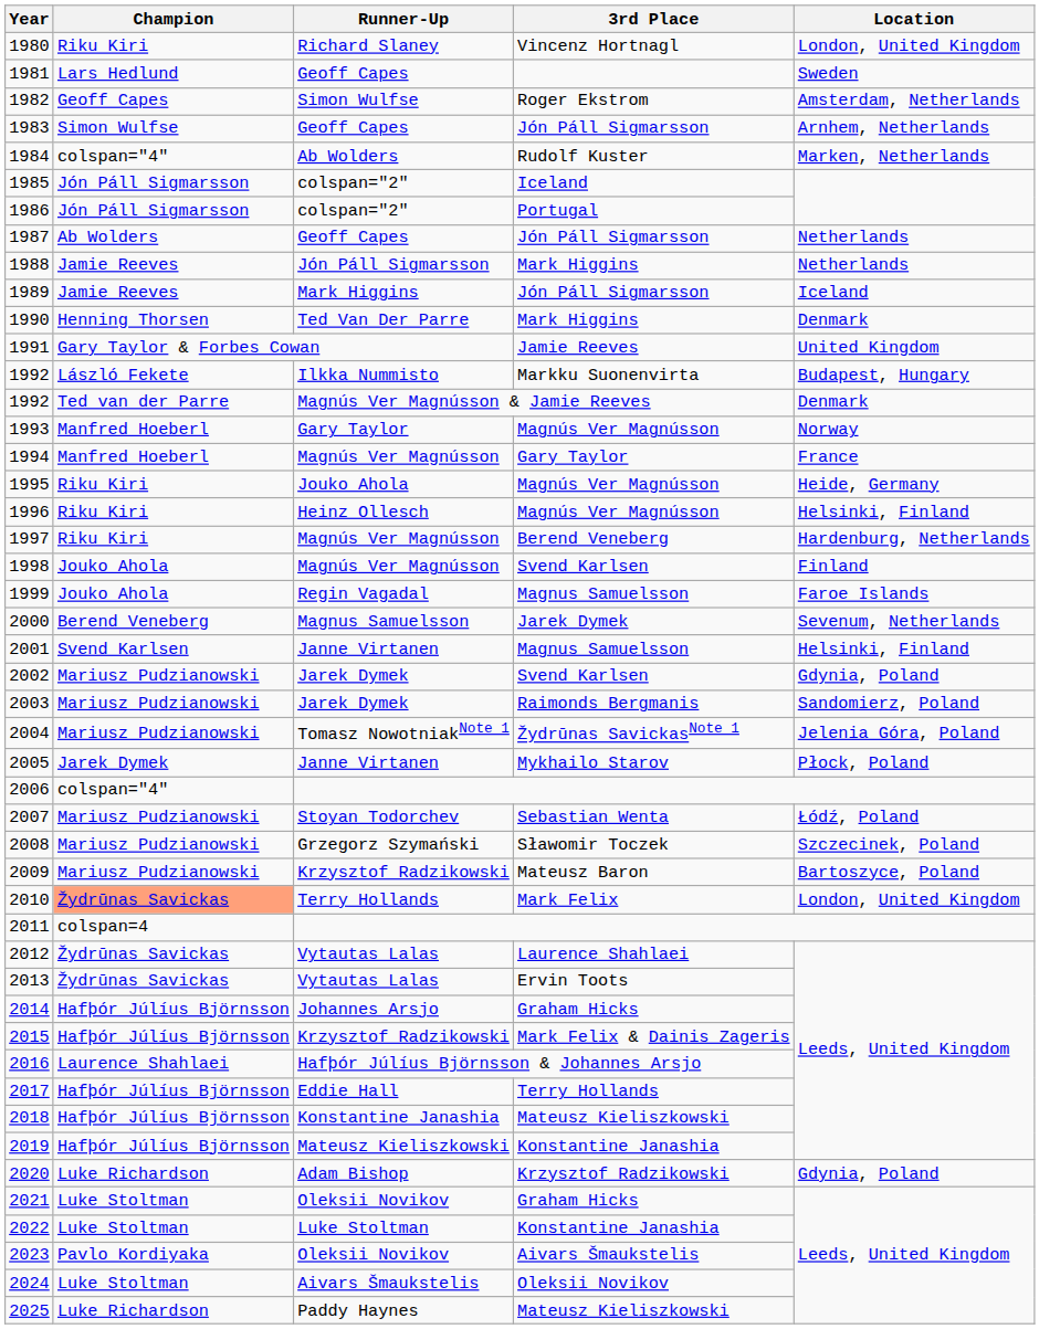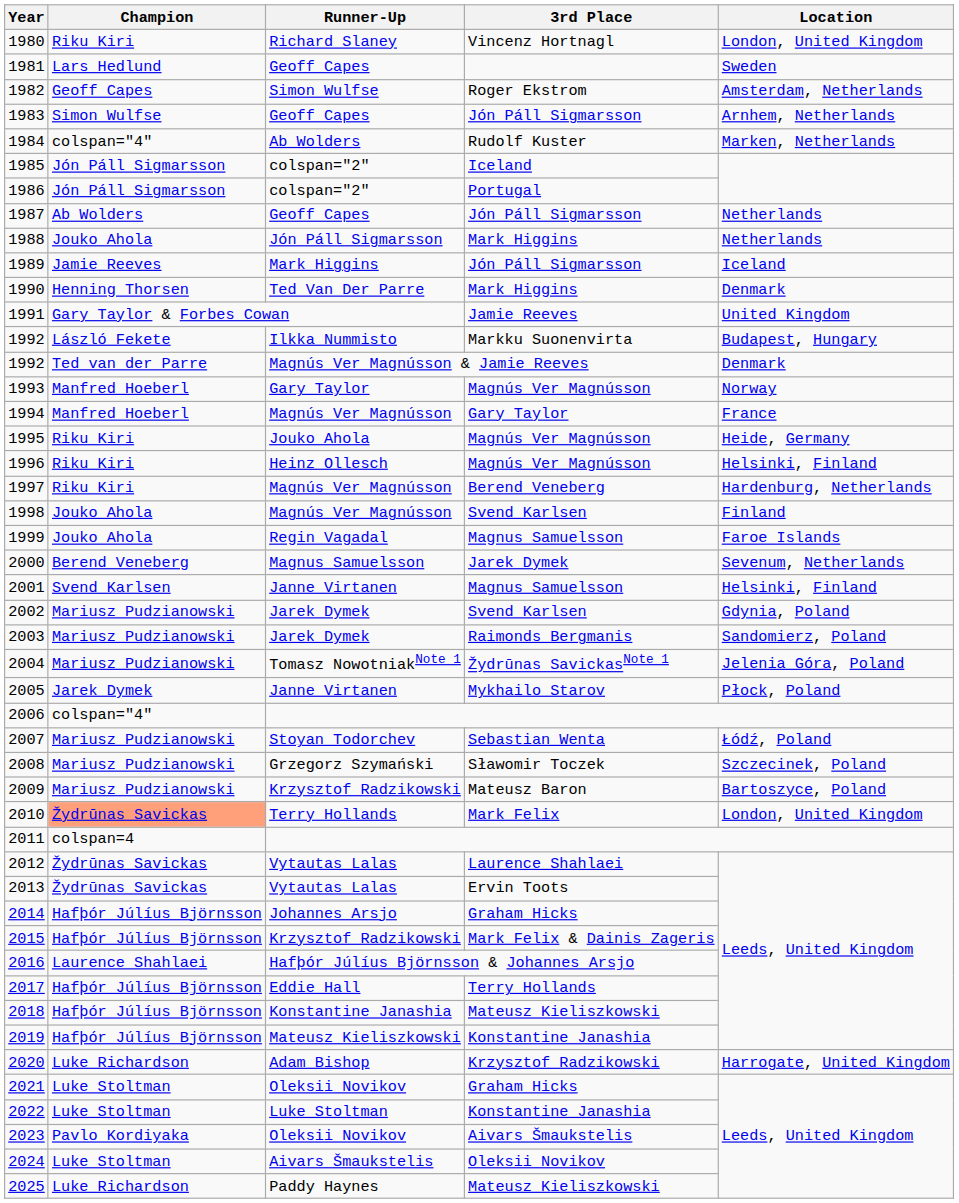 <table class="wikitable sortable" style="display: inline-table;">
 <tr>
 <th>Year</th>
 <th>Champion</th>
 <th>Runner-Up</th>
 <th>3rd Place</th>
 <th>Location</th>
 </tr>
 <tr>
 <td>1980</td>
 <td> <a href='#'>Riku Kiri</a></td>
 <td> <a href='#'>Richard Slaney</a></td>
 <td> Vincenz Hortnagl</td>
 <td> <a href='#'>London</a>, <a href='#'>United Kingdom</a></td>
 </tr>
 <tr>
 <td>1981</td>
 <td> <a href='#'>Lars Hedlund</a></td>
 <td> <a href='#'>Geoff Capes</a></td>
 <td></td>
 <td> <a href='#'>Sweden</a></td>
 </tr>
 <tr>
 <td>1982</td>
 <td> <a href='#'>Geoff Capes</a></td>
 <td> <a href='#'>Simon Wulfse</a></td>
 <td> Roger Ekstrom</td>
 <td> <a href='#'>Amsterdam</a>, <a href='#'>Netherlands</a></td>
 </tr>
 <tr>
 <td>1983</td>
 <td> <a href='#'>Simon Wulfse</a></td>
 <td> <a href='#'>Geoff Capes</a></td>
 <td> <a href='#'>Jón Páll Sigmarsson</a></td>
 <td> <a href='#'>Arnhem</a>, <a href='#'>Netherlands</a></td>
 </tr>
 <tr>
 <td>1984</td>
 <td>colspan="4" </td>
 <td> <a href='#'>Ab Wolders</a></td>
 <td> Rudolf Kuster</td>
 <td> <a href='#'>Marken</a>, <a href='#'>Netherlands</a></td>
 </tr>
 <tr>
 <td>1985</td>
 <td> <a href='#'>Jón Páll Sigmarsson</a></td>
 <td>colspan="2" </td>
 <td> <a href='#'>Iceland</a></td>
 </tr>
 <tr>
 <td>1986</td>
 <td> <a href='#'>Jón Páll Sigmarsson</a></td>
 <td>colspan="2" </td>
 <td> <a href='#'>Portugal</a></td>
 </tr>
 <tr>
 <td>1987</td>
 <td> <a href='#'>Ab Wolders</a></td>
 <td> <a href='#'>Geoff Capes</a></td>
 <td> <a href='#'>Jón Páll Sigmarsson</a></td>
 <td> <a href='#'>Netherlands</a></td>
 </tr>
 <tr>
 <td>1988</td>
-<td> <a href='#'>Jamie Reeves</a></td>
+<td> <a href='#'>Jouko Ahola</a></td>
 <td> <a href='#'>Jón Páll Sigmarsson</a></td>
 <td> <a href='#'>Mark Higgins</a></td>
 <td> <a href='#'>Netherlands</a></td>
 </tr>
 <tr>
 <td>1989</td>
 <td> <a href='#'>Jamie Reeves</a></td>
 <td> <a href='#'>Mark Higgins</a></td>
 <td> <a href='#'>Jón Páll Sigmarsson</a></td>
 <td> <a href='#'>Iceland</a></td>
 </tr>
 <tr>
 <td>1990</td>
 <td> <a href='#'>Henning Thorsen</a></td>
 <td> <a href='#'>Ted Van Der Parre</a></td>
 <td> <a href='#'>Mark Higgins</a></td>
 <td> <a href='#'>Denmark</a></td>
 </tr>
 <tr>
 <td>1991</td>
 <td COLSPAN=2> <a href='#'>Gary Taylor</a> &  <a href='#'>Forbes Cowan</a></td>
 <td> <a href='#'>Jamie Reeves</a></td>
 <td> <a href='#'>United Kingdom</a></td>
 </tr>
 <tr>
 <td>1992</td>
 <td> <a href='#'>László Fekete</a></td>
 <td> <a href='#'>Ilkka Nummisto</a></td>
 <td> Markku Suonenvirta</td>
 <td> <a href='#'>Budapest</a>, <a href='#'>Hungary</a></td>
 </tr>
 <tr>
 <td>1992</td>
 <td> <a href='#'>Ted van der Parre</a></td>
 <td COLSPAN=2> <a href='#'>Magnús Ver Magnússon</a> &  <a href='#'>Jamie Reeves</a></td>
 <td> <a href='#'>Denmark</a></td>
 </tr>
 <tr>
 <td>1993</td>
 <td> <a href='#'>Manfred Hoeberl</a></td>
 <td> <a href='#'>Gary Taylor</a></td>
 <td> <a href='#'>Magnús Ver Magnússon</a></td>
 <td> <a href='#'>Norway</a></td>
 </tr>
 <tr>
 <td>1994</td>
 <td> <a href='#'>Manfred Hoeberl</a></td>
 <td> <a href='#'>Magnús Ver Magnússon</a></td>
 <td> <a href='#'>Gary Taylor</a></td>
 <td> <a href='#'>France</a></td>
 </tr>
 <tr>
 <td>1995</td>
 <td> <a href='#'>Riku Kiri</a></td>
 <td> <a href='#'>Jouko Ahola</a></td>
 <td> <a href='#'>Magnús Ver Magnússon</a></td>
 <td> <a href='#'>Heide</a>, <a href='#'>Germany</a></td>
 </tr>
 <tr>
 <td>1996</td>
 <td> <a href='#'>Riku Kiri</a></td>
 <td> <a href='#'>Heinz Ollesch</a></td>
 <td> <a href='#'>Magnús Ver Magnússon</a></td>
 <td> <a href='#'>Helsinki</a>, <a href='#'>Finland</a></td>
 </tr>
 <tr>
 <td>1997</td>
 <td> <a href='#'>Riku Kiri</a></td>
 <td> <a href='#'>Magnús Ver Magnússon</a></td>
 <td> <a href='#'>Berend Veneberg</a></td>
 <td> <a href='#'>Hardenburg</a>, <a href='#'>Netherlands</a></td>
 </tr>
 <tr>
 <td>1998</td>
 <td> <a href='#'>Jouko Ahola</a></td>
 <td> <a href='#'>Magnús Ver Magnússon</a></td>
 <td> <a href='#'>Svend Karlsen</a></td>
 <td> <a href='#'>Finland</a></td>
 </tr>
 <tr>
 <td>1999</td>
 <td> <a href='#'>Jouko Ahola</a></td>
 <td> <a href='#'>Regin Vagadal</a></td>
 <td> <a href='#'>Magnus Samuelsson</a></td>
 <td> <a href='#'>Faroe Islands</a></td>
 </tr>
 <tr>
 <td>2000</td>
 <td> <a href='#'>Berend Veneberg</a></td>
 <td> <a href='#'>Magnus Samuelsson</a></td>
 <td> <a href='#'>Jarek Dymek</a></td>
 <td> <a href='#'>Sevenum</a>, <a href='#'>Netherlands</a></td>
 </tr>
 <tr>
 <td>2001</td>
 <td> <a href='#'>Svend Karlsen</a></td>
 <td> <a href='#'>Janne Virtanen</a></td>
 <td> <a href='#'>Magnus Samuelsson</a></td>
 <td> <a href='#'>Helsinki</a>, <a href='#'>Finland</a></td>
 </tr>
 <tr>
 <td>2002</td>
 <td> <a href='#'>Mariusz Pudzianowski</a></td>
 <td> <a href='#'>Jarek Dymek</a></td>
 <td> <a href='#'>Svend Karlsen</a></td>
 <td> <a href='#'>Gdynia</a>, <a href='#'>Poland</a></td>
 </tr>
 <tr>
 <td>2003</td>
 <td> <a href='#'>Mariusz Pudzianowski</a></td>
 <td> <a href='#'>Jarek Dymek</a></td>
 <td> <a href='#'>Raimonds Bergmanis</a></td>
 <td> <a href='#'>Sandomierz</a>, <a href='#'>Poland</a></td>
 </tr>
 <tr>
 <td>2004</td>
 <td> <a href='#'>Mariusz Pudzianowski</a></td>
 <td> Tomasz Nowotniak<sup><a href='#'>Note 1</a></sup></td>
 <td> <a href='#'>Žydrūnas Savickas</a><sup><a href='#'>Note 1</a></sup></td>
 <td> <a href='#'>Jelenia Góra</a>, <a href='#'>Poland</a></td>
 </tr>
 <tr>
 <td>2005</td>
 <td> <a href='#'>Jarek Dymek</a></td>
 <td> <a href='#'>Janne Virtanen</a></td>
 <td> <a href='#'>Mykhailo Starov</a></td>
 <td> <a href='#'>Płock</a>, <a href='#'>Poland</a></td>
 </tr>
 <tr>
 <td>2006</td>
 <td>colspan="4" </td>
 </tr>
 <tr>
 <td>2007</td>
 <td> <a href='#'>Mariusz Pudzianowski</a></td>
 <td> <a href='#'>Stoyan Todorchev</a></td>
 <td> <a href='#'>Sebastian Wenta</a></td>
 <td> <a href='#'>Łódź</a>, <a href='#'>Poland</a></td>
 </tr>
 <tr>
 <td>2008</td>
 <td> <a href='#'>Mariusz Pudzianowski</a></td>
 <td> Grzegorz Szymański</td>
 <td> Sławomir Toczek</td>
 <td> <a href='#'>Szczecinek</a>, <a href='#'>Poland</a></td>
 </tr>
 <tr>
 <td>2009</td>
 <td> <a href='#'>Mariusz Pudzianowski</a></td>
 <td> <a href='#'>Krzysztof Radzikowski</a></td>
 <td> Mateusz Baron</td>
 <td> <a href='#'>Bartoszyce</a>, <a href='#'>Poland</a></td>
 </tr>
 <tr>
 <td>2010</td>
 <td style="background: lightsalmon;"> <a href='#'>Žydrūnas Savickas</a></td>
 <td> <a href='#'>Terry Hollands</a></td>
 <td> <a href='#'>Mark Felix</a></td>
 <td> <a href='#'>London</a>, <a href='#'>United Kingdom</a></td>
 </tr>
 <tr>
 <td>2011</td>
 <td>colspan=4 </td>
 </tr>
 <tr>
 <td>2012</td>
 <td> <a href='#'>Žydrūnas Savickas</a></td>
 <td> <a href='#'>Vytautas Lalas</a></td>
 <td> <a href='#'>Laurence Shahlaei</a></td>
 <td rowspan="8"> <a href='#'>Leeds</a>, <a href='#'>United Kingdom</a></td>
 </tr>
 <tr>
 <td>2013</td>
 <td> <a href='#'>Žydrūnas Savickas</a></td>
 <td> <a href='#'>Vytautas Lalas</a></td>
 <td> Ervin Toots</td>
 </tr>
 <tr>
 <td><a href='#'>2014</a></td>
 <td> <a href='#'>Hafþór Júlíus Björnsson</a></td>
 <td> <a href='#'>Johannes Arsjo</a></td>
 <td> <a href='#'>Graham Hicks</a></td>
 </tr>
 <tr>
 <td><a href='#'>2015</a></td>
 <td> <a href='#'>Hafþór Júlíus Björnsson</a></td>
 <td> <a href='#'>Krzysztof Radzikowski</a></td>
 <td> <a href='#'>Mark Felix</a> &  <a href='#'>Dainis Zageris</a></td>
 </tr>
 <tr>
 <td><a href='#'>2016</a></td>
 <td> <a href='#'>Laurence Shahlaei</a></td>
 <td COLSPAN=2> <a href='#'>Hafþór Júlíus Björnsson</a> &  <a href='#'>Johannes Arsjo</a></td>
 </tr>
 <tr>
 <td><a href='#'>2017</a></td>
 <td> <a href='#'>Hafþór Júlíus Björnsson</a></td>
 <td> <a href='#'>Eddie Hall</a></td>
 <td> <a href='#'>Terry Hollands</a></td>
 </tr>
 <tr>
 <td><a href='#'>2018</a></td>
 <td> <a href='#'>Hafþór Júlíus Björnsson</a></td>
 <td> <a href='#'>Konstantine Janashia</a></td>
 <td> <a href='#'>Mateusz Kieliszkowski</a></td>
 </tr>
 <tr>
 <td><a href='#'>2019</a></td>
 <td> <a href='#'>Hafþór Júlíus Björnsson</a></td>
 <td> <a href='#'>Mateusz Kieliszkowski</a></td>
 <td> <a href='#'>Konstantine Janashia</a></td>
 </tr>
 <tr>
 <td><a href='#'>2020</a></td>
 <td> <a href='#'>Luke Richardson</a></td>
 <td> <a href='#'>Adam Bishop</a></td>
 <td> <a href='#'>Krzysztof Radzikowski</a></td>
-<td> <a href='#'>Gdynia</a>, <a href='#'>Poland</a></td>
+<td> <a href='#'>Harrogate</a>, <a href='#'>United Kingdom</a></td>
 </tr>
 <tr>
 <td><a href='#'>2021</a></td>
 <td> <a href='#'>Luke Stoltman</a></td>
 <td> <a href='#'>Oleksii Novikov</a></td>
 <td> <a href='#'>Graham Hicks</a></td>
 <td rowspan="5"> <a href='#'>Leeds</a>, <a href='#'>United Kingdom</a></td>
 </tr>
 <tr>
 <td><a href='#'>2022</a></td>
 <td> <a href='#'>Luke Stoltman</a></td>
 <td> <a href='#'>Luke Stoltman</a></td>
 <td> <a href='#'>Konstantine Janashia</a></td>
 </tr>
 <tr>
 <td><a href='#'>2023</a></td>
 <td> <a href='#'>Pavlo Kordiyaka</a></td>
 <td> <a href='#'>Oleksii Novikov</a></td>
 <td> <a href='#'>Aivars Šmaukstelis</a></td>
 </tr>
 <tr>
 <td><a href='#'>2024</a></td>
 <td> <a href='#'>Luke Stoltman</a></td>
 <td> <a href='#'>Aivars Šmaukstelis</a></td>
 <td> <a href='#'>Oleksii Novikov</a></td>
 </tr>
 <tr>
 <td><a href='#'>2025</a></td>
 <td> <a href='#'>Luke Richardson</a></td>
 <td> Paddy Haynes</td>
 <td> <a href='#'>Mateusz Kieliszkowski</a></td>
 </tr>
 </table>
